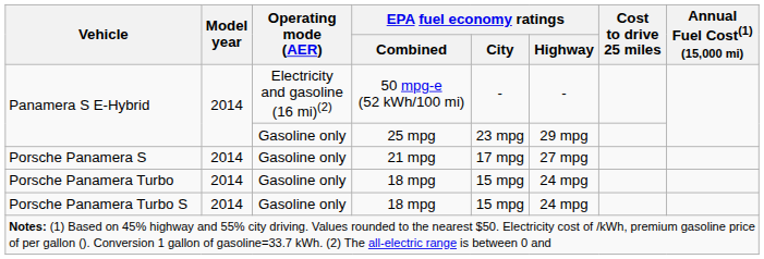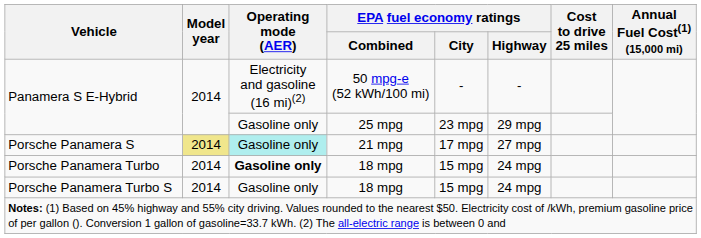 <table class="wikitable" style="margin: 1em auto 1em auto">
 <tr>
 <th rowspan="2">Vehicle</th>
 <th rowspan="2">Model<br>year</th>
 <th rowspan="2">Operating<br>mode<br>(<a href='#'>AER</a>)</th>
 <th colspan="3"><a href='#'>EPA</a> <a href='#'>fuel economy</a> ratings</th>
 <th rowspan="2">Cost<br> to drive<br>25 miles</th>
 <th rowspan="2">Annual <br>Fuel Cost<sup>(1)</sup><br><small>(15,000 mi)</small></th>
 </tr>
 <tr style="text-align:center;">
 <th>Combined</th>
 <th>City</th>
 <th>Highway</th>
 </tr>
 <tr style="text-align:center;">
 <td rowspan="2" align=left>Panamera S E-Hybrid</td>
 <td rowspan="2">2014</td>
 <td>Electricity <br>and gasoline<br>(16 mi)<sup>(2)</sup></td>
 <td>50 <a href='#'>mpg-e</a><br>(52 kWh/100 mi)</td>
 <td>-</td>
 <td>-</td>
 <td></td>
 <td rowspan="2"></td>
 </tr>
 <tr style="text-align:center;">
 <td>Gasoline only</td>
 <td>25 mpg</td>
 <td>23 mpg</td>
 <td>29 mpg</td>
 <td></td>
 </tr>
 <tr style="text-align:center;">
 <td align=left>Porsche Panamera S</td>
-<td>2014</td>
-<td>Gasoline only</td>
+<td style="background: khaki;">2014</td>
+<td style="background: paleturquoise;">Gasoline only</td>
 <td>21 mpg</td>
 <td>17 mpg</td>
 <td>27 mpg</td>
 <td></td>
 <td></td>
 </tr>
 <tr style="text-align:center;">
 <td align=left>Porsche Panamera Turbo</td>
 <td>2014</td>
-<td>Gasoline only</td>
+<td><strong>Gasoline only</strong></td>
 <td>18 mpg</td>
 <td>15 mpg</td>
 <td>24 mpg</td>
 <td></td>
 <td></td>
 </tr>
 <tr style="text-align:center;">
 <td align=left>Porsche Panamera Turbo S</td>
 <td>2014</td>
 <td>Gasoline only</td>
 <td>18 mpg</td>
 <td>15 mpg</td>
 <td>24 mpg</td>
 <td></td>
 <td></td>
 </tr>
 <tr>
 <td colspan="8" style="text-align:left;"><small><strong>Notes:</strong> (1) Based on 45% highway and 55% city driving. Values rounded to the nearest $50. Electricity cost of /kWh, premium gasoline price<br> of  per gallon (). Conversion 1 gallon of gasoline=33.7 kWh. (2) The <a href='#'>all-electric range</a> is between 0 and </small></td>
 </tr>
 </table>
